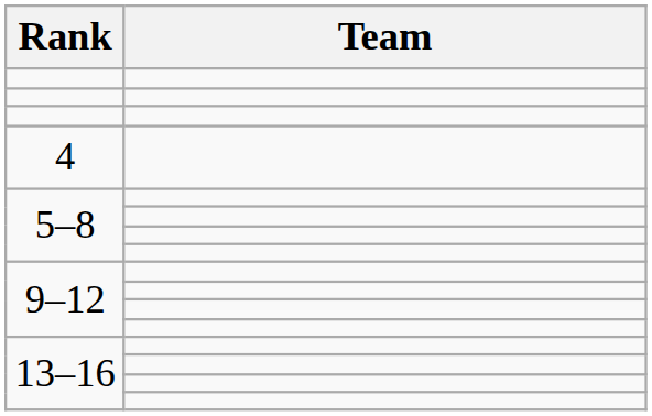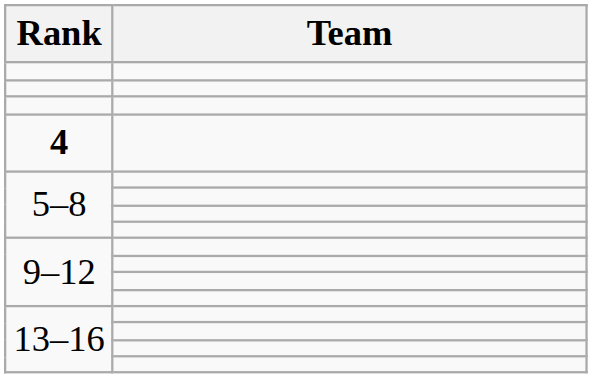 <table class="wikitable" style="text-align: center;">
 <tr>
 <th width=40>Rank</th>
 <th width=200>Team</th>
 </tr>
 <tr>
 <td></td>
 <td align=left></td>
 </tr>
 <tr>
 <td></td>
 <td align=left></td>
 </tr>
 <tr>
 <td></td>
 <td align=left></td>
 </tr>
 <tr>
-<td>4</td>
+<td><strong>4</strong></td>
 <td align=left></td>
 </tr>
 <tr>
 <td rowspan=4>5–8</td>
 <td align=left></td>
 </tr>
 <tr>
 <td align=left></td>
 </tr>
 <tr>
 <td align=left></td>
 </tr>
 <tr>
 <td align=left></td>
 </tr>
 <tr>
 <td rowspan=4>9–12</td>
 <td align=left></td>
 </tr>
 <tr>
 <td align=left></td>
 </tr>
 <tr>
 <td align=left></td>
 </tr>
 <tr>
 <td align=left></td>
 </tr>
 <tr>
 <td rowspan=4>13–16</td>
 <td align=left></td>
 </tr>
 <tr>
 <td align=left></td>
 </tr>
 <tr>
 <td align=left></td>
 </tr>
 <tr>
 <td align=left></td>
 </tr>
 </table>
